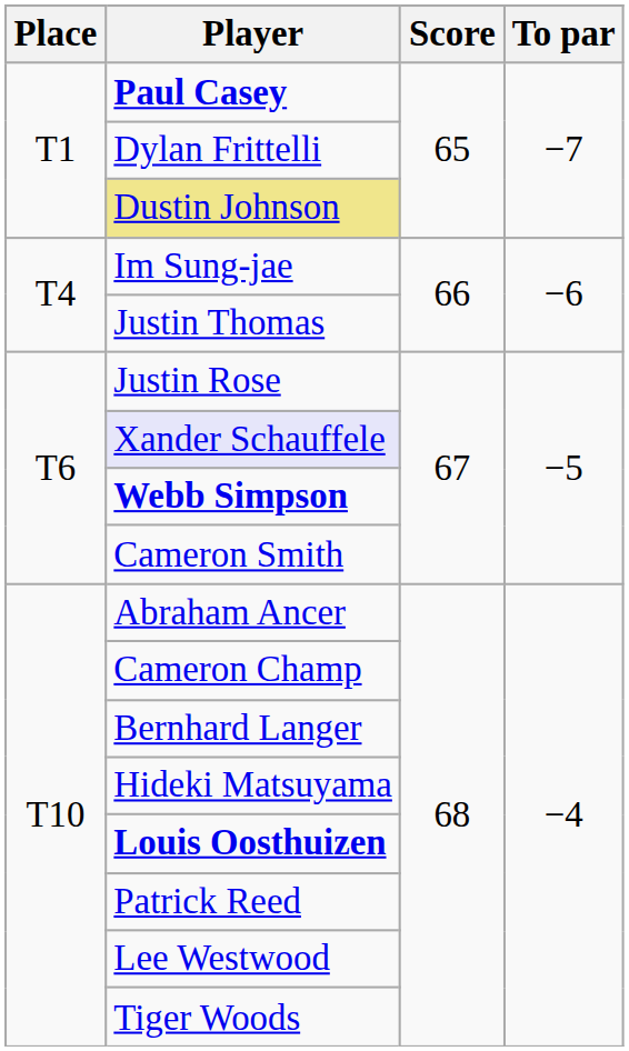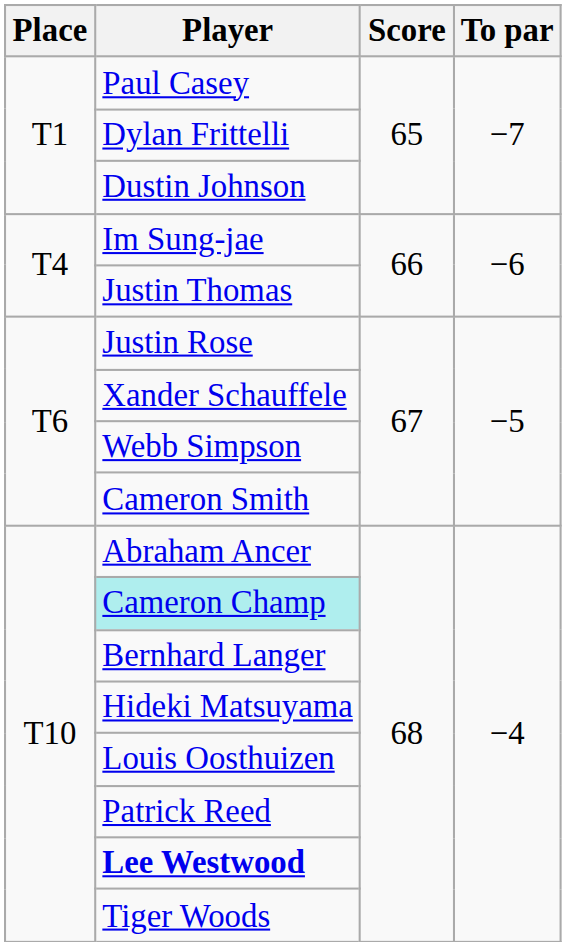 <table class="wikitable">
 <tr>
 <th>Place</th>
 <th>Player</th>
 <th>Score</th>
 <th>To par</th>
 </tr>
 <tr>
 <td rowspan=3 align=center>T1</td>
-<td><strong> <a href='#'>Paul Casey</a></strong></td>
+<td> <a href='#'>Paul Casey</a></td>
 <td rowspan=3 align=center>65</td>
 <td rowspan=3 align=center>−7</td>
 </tr>
 <tr>
 <td> <a href='#'>Dylan Frittelli</a></td>
 </tr>
 <tr>
-<td style="background: khaki;"> <a href='#'>Dustin Johnson</a></td>
+<td> <a href='#'>Dustin Johnson</a></td>
 </tr>
 <tr>
 <td rowspan=2 align=center>T4</td>
 <td> <a href='#'>Im Sung-jae</a></td>
 <td rowspan=2 align=center>66</td>
 <td rowspan=2 align=center>−6</td>
 </tr>
 <tr>
 <td> <a href='#'>Justin Thomas</a></td>
 </tr>
 <tr>
 <td rowspan=4 align=center>T6</td>
 <td> <a href='#'>Justin Rose</a></td>
 <td rowspan=4 align=center>67</td>
 <td rowspan=4 align=center>−5</td>
 </tr>
 <tr>
-<td style="background: lavender;"> <a href='#'>Xander Schauffele</a></td>
+<td> <a href='#'>Xander Schauffele</a></td>
 </tr>
 <tr>
-<td><strong> <a href='#'>Webb Simpson</a></strong></td>
+<td> <a href='#'>Webb Simpson</a></td>
 </tr>
 <tr>
 <td> <a href='#'>Cameron Smith</a></td>
 </tr>
 <tr>
 <td rowspan=8 align=center>T10</td>
 <td> <a href='#'>Abraham Ancer</a></td>
 <td rowspan=8 align=center>68</td>
 <td rowspan=8 align=center>−4</td>
 </tr>
 <tr>
-<td> <a href='#'>Cameron Champ</a></td>
+<td style="background: paleturquoise;"> <a href='#'>Cameron Champ</a></td>
 </tr>
 <tr>
 <td> <a href='#'>Bernhard Langer</a></td>
 </tr>
 <tr>
 <td> <a href='#'>Hideki Matsuyama</a></td>
 </tr>
 <tr>
-<td><strong> <a href='#'>Louis Oosthuizen</a></strong></td>
+<td> <a href='#'>Louis Oosthuizen</a></td>
 </tr>
 <tr>
 <td> <a href='#'>Patrick Reed</a></td>
 </tr>
 <tr>
-<td> <a href='#'>Lee Westwood</a></td>
+<td><strong> <a href='#'>Lee Westwood</a></strong></td>
 </tr>
 <tr>
 <td> <a href='#'>Tiger Woods</a></td>
 </tr>
 </table>
